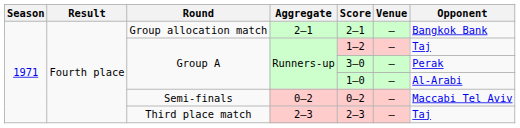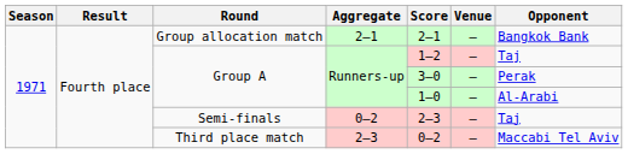 <table class="wikitable sticky-header" style="text-align:center">
 <tr>
 <th>Season</th>
 <th>Result</th>
 <th>Round</th>
 <th>Aggregate</th>
 <th>Score</th>
 <th>Venue</th>
 <th>Opponent</th>
 </tr>
 <tr>
 <td rowspan="6"><a href='#'>1971</a></td>
 <td rowspan="6">Fourth place</td>
 <td>Group allocation match</td>
 <td style="background:#cfc">2–1</td>
 <td style="background:#cfc">2–1</td>
 <td style="background:#cfc">—</td>
 <td align="left"> <a href='#'>Bangkok Bank</a></td>
 </tr>
 <tr>
 <td rowspan="3">Group A</td>
 <td rowspan="3" style="background:#cfc">Runners-up</td>
 <td style="background:#fcc">1–2</td>
 <td style="background:#fcc">—</td>
 <td align="left"> <a href='#'>Taj</a></td>
 </tr>
 <tr>
 <td style="background:#cfc">3–0</td>
 <td style="background:#cfc">—</td>
 <td align="left"> <a href='#'>Perak</a></td>
 </tr>
 <tr>
 <td style="background:#cfc">1–0</td>
 <td style="background:#cfc">—</td>
 <td align="left"> <a href='#'>Al-Arabi</a></td>
 </tr>
 <tr>
 <td>Semi-finals</td>
 <td style="background:#fcc">0–2</td>
+<td style="background:#fcc">2–3</td>
+<td style="background:#fcc">—</td>
+<td align="left"> <a href='#'>Taj</a></td>
+</tr>
+<tr>
+<td>Third place match</td>
+<td style="background:#fcc">2–3</td>
 <td style="background:#fcc">0–2</td>
 <td style="background:#fcc">—</td>
 <td align="left"> <a href='#'>Maccabi Tel Aviv</a></td>
 </tr>
-<tr>
-<td>Third place match</td>
-<td style="background:#fcc">2–3</td>
-<td style="background:#fcc">2–3</td>
-<td style="background:#fcc">—</td>
-<td align="left"> <a href='#'>Taj</a></td>
-</tr>
 </table>
